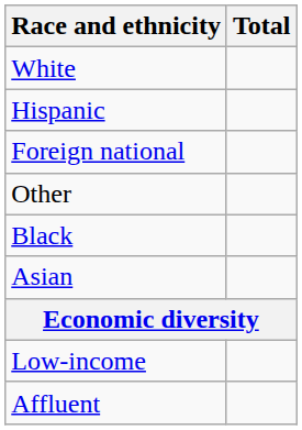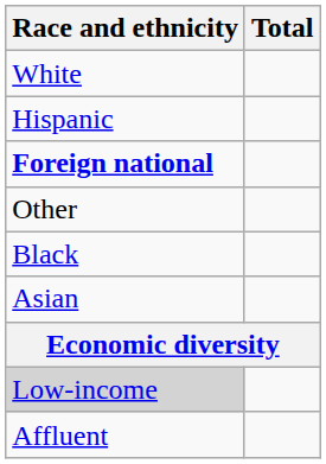 <table class="wikitable floatright sortable collapsible"; text-align:right; font-size:80%;">
 <tr>
 <th>Race and ethnicity</th>
 <th colspan="2" data-sort-type=number>Total</th>
 </tr>
 <tr>
 <td><a href='#'>White</a></td>
 <td align=right></td>
 </tr>
 <tr>
 <td><a href='#'>Hispanic</a></td>
 <td align=right></td>
 </tr>
 <tr>
-<td><a href='#'>Foreign national</a></td>
+<td><strong><a href='#'>Foreign national</a></strong></td>
 <td align=right></td>
 </tr>
 <tr>
 <td>Other</td>
 <td align=right></td>
 </tr>
 <tr>
 <td><a href='#'>Black</a></td>
 <td align=right></td>
 </tr>
 <tr>
 <td><a href='#'>Asian</a></td>
 <td align=right></td>
 </tr>
 <tr>
 <th colspan="4" data-sort-type=number><a href='#'>Economic diversity</a></th>
 </tr>
 <tr>
-<td><a href='#'>Low-income</a></td>
+<td style="background: lightgrey;"><a href='#'>Low-income</a></td>
 <td align=right></td>
 </tr>
 <tr>
 <td><a href='#'>Affluent</a></td>
 <td align=right></td>
 </tr>
 </table>
